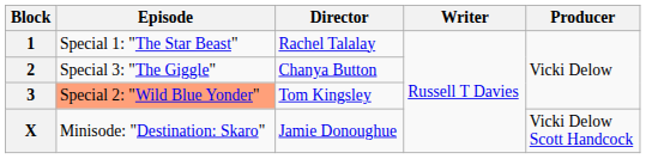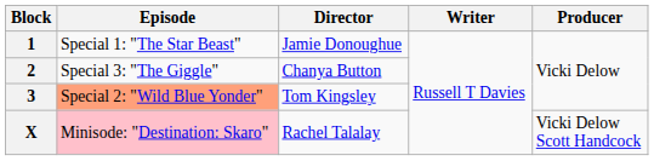 <table class="wikitable" style="width:100%; margin-right:0;">
 <tr>
 <th style="width:8%">Block</th>
 <th>Episode</th>
 <th>Director</th>
 <th>Writer</th>
 <th>Producer</th>
 </tr>
 <tr>
 <th>1</th>
 <td>Special 1: "<a href='#'>The Star Beast</a>"</td>
-<td><a href='#'>Rachel Talalay</a></td>
+<td><a href='#'>Jamie Donoughue</a></td>
 <td rowspan="4"><a href='#'>Russell T Davies</a></td>
 <td rowspan="3">Vicki Delow</td>
 </tr>
 <tr>
 <th>2</th>
 <td>Special 3: "<a href='#'>The Giggle</a>"</td>
 <td><a href='#'>Chanya Button</a></td>
 </tr>
 <tr>
 <th>3</th>
 <td style="background: lightsalmon;">Special 2: "<a href='#'>Wild Blue Yonder</a>"</td>
 <td><a href='#'>Tom Kingsley</a></td>
 </tr>
 <tr>
 <th>X</th>
-<td>Minisode: "<a href='#'>Destination: Skaro</a>"</td>
-<td><a href='#'>Jamie Donoughue</a></td>
+<td style="background: pink;">Minisode: "<a href='#'>Destination: Skaro</a>"</td>
+<td><a href='#'>Rachel Talalay</a></td>
 <td>Vicki Delow<br><a href='#'>Scott Handcock</a></td>
 </tr>
 </table>
